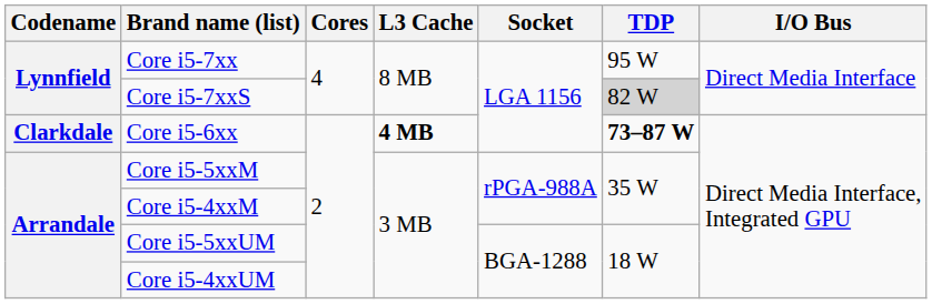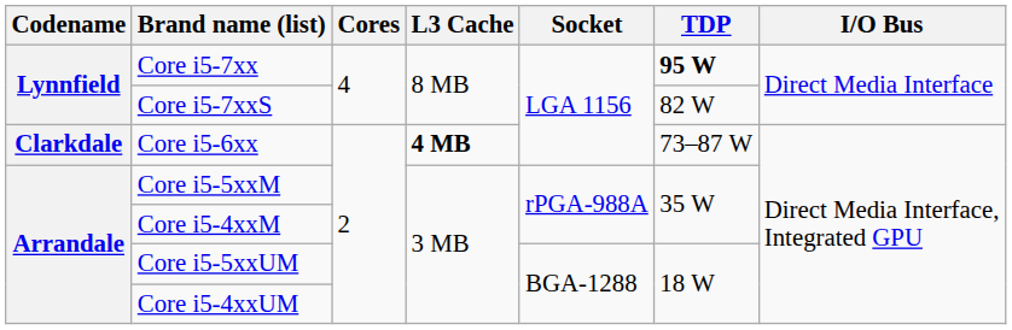 <table class="wikitable">
 <tr>
 <th>Codename</th>
 <th>Brand name (list)</th>
 <th>Cores</th>
 <th>L3 Cache</th>
 <th>Socket</th>
 <th><a href='#'>TDP</a></th>
 <th>I/O Bus</th>
 </tr>
 <tr>
 <th rowspan=2><a href='#'>Lynnfield</a></th>
 <td><a href='#'>Core i5-7xx</a></td>
 <td rowspan=2>4</td>
 <td rowspan=2>8 MB</td>
 <td rowspan=3><a href='#'>LGA 1156</a></td>
-<td>95 W</td>
+<td><strong>95 W</strong></td>
 <td rowspan=2><a href='#'>Direct Media Interface</a></td>
 </tr>
 <tr>
 <td><a href='#'>Core i5-7xxS</a></td>
-<td style="background: lightgrey;">82 W</td>
+<td>82 W</td>
 </tr>
 <tr>
 <th><a href='#'>Clarkdale</a></th>
 <td><a href='#'>Core i5-6xx</a></td>
 <td rowspan=5>2</td>
 <td><strong>4 MB</strong></td>
-<td><strong>73–87 W</strong></td>
+<td>73–87 W</td>
 <td rowspan=5>Direct Media Interface,<br> Integrated <a href='#'>GPU</a></td>
 </tr>
 <tr>
 <th rowspan=4><a href='#'>Arrandale</a></th>
 <td><a href='#'>Core i5-5xxM</a></td>
 <td rowspan=4>3 MB</td>
 <td rowspan=2><a href='#'>rPGA-988A</a></td>
 <td rowspan=2>35 W</td>
 </tr>
 <tr>
 <td><a href='#'>Core i5-4xxM</a></td>
 </tr>
 <tr>
 <td><a href='#'>Core i5-5xxUM</a></td>
 <td rowspan=2>BGA-1288</td>
 <td rowspan=2>18 W</td>
 </tr>
 <tr>
 <td><a href='#'>Core i5-4xxUM</a></td>
 </tr>
 </table>
